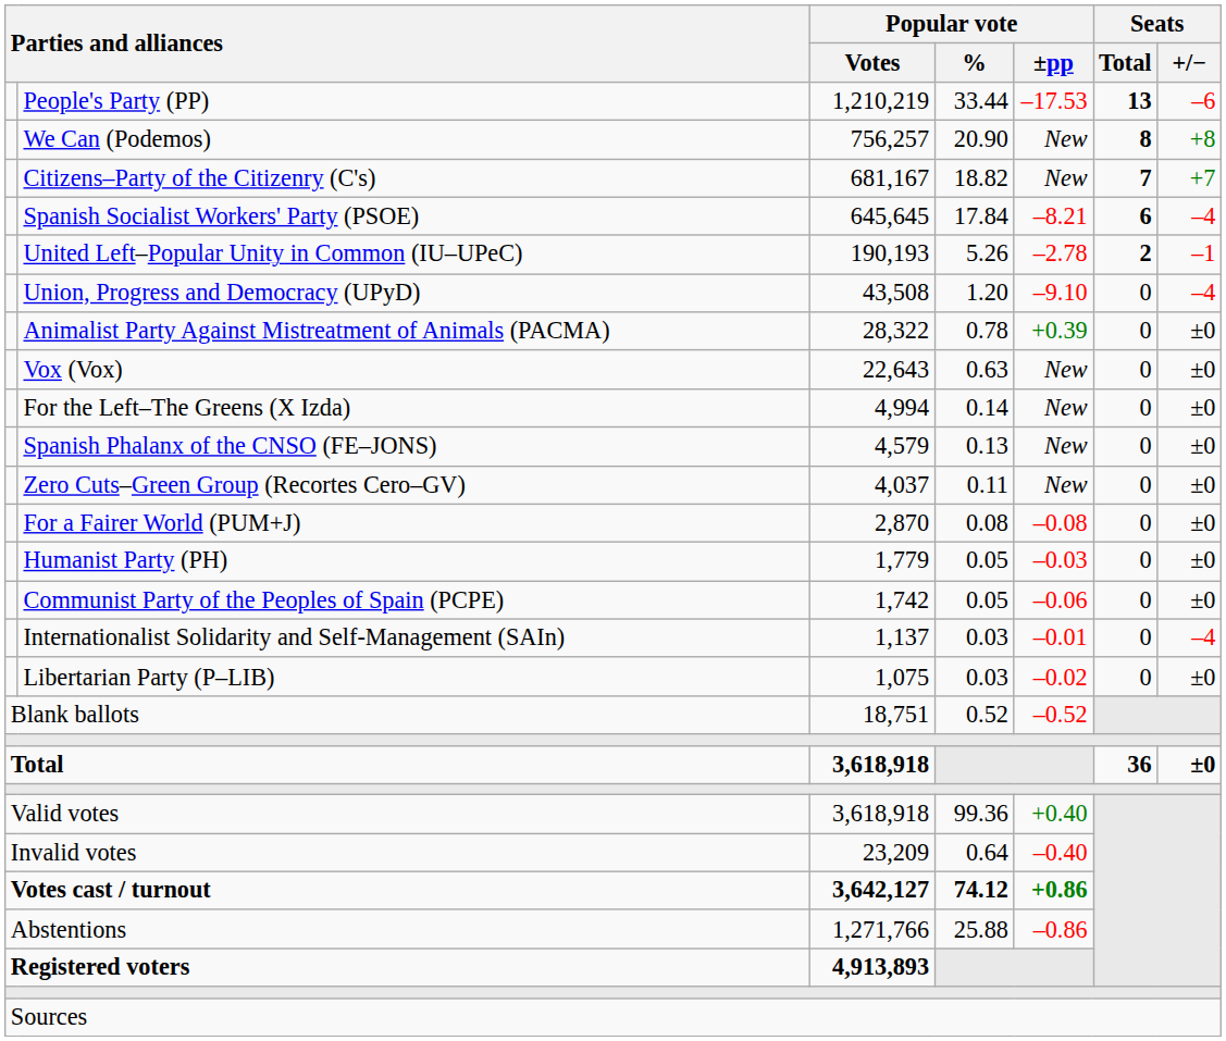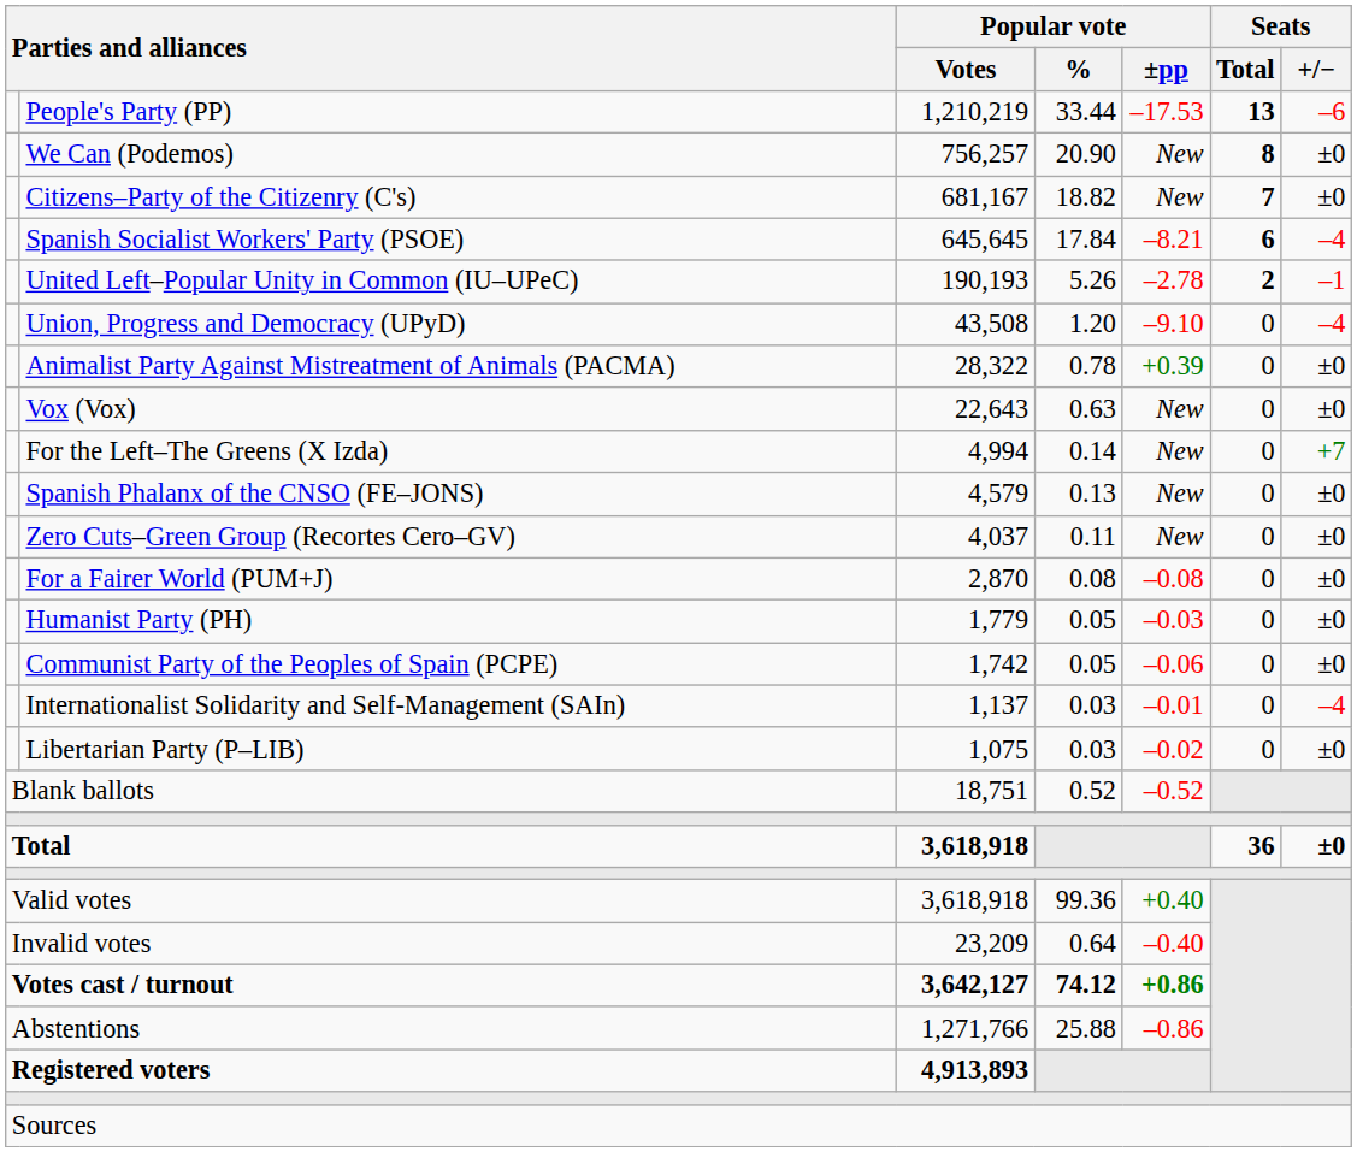 <table class="wikitable" style="text-align:right;">
 <tr>
 <th style="text-align:left;" rowspan="2" colspan="2" width="525">Parties and alliances</th>
 <th colspan="3">Popular vote</th>
 <th colspan="2">Seats</th>
 </tr>
 <tr>
 <th width="75">Votes</th>
 <th width="45">%</th>
 <th width="45">±<a href='#'>pp</a></th>
 <th width="35">Total</th>
 <th width="35">+/−</th>
 </tr>
 <tr>
 <td width="1" style="color:inherit;background:"></td>
 <td align="left"><a href='#'>People's Party</a> (PP)</td>
 <td>1,210,219</td>
 <td>33.44</td>
 <td style="color:red;">–17.53</td>
 <td><strong>13</strong></td>
 <td style="color:red;">–6</td>
 </tr>
 <tr>
 <td style="color:inherit;background:"></td>
 <td align="left"><a href='#'>We Can</a> (Podemos)</td>
 <td>756,257</td>
 <td>20.90</td>
 <td><em>New</em></td>
 <td><strong>8</strong></td>
-<td style="color:green;">+8</td>
+<td>±0</td>
 </tr>
 <tr>
 <td style="color:inherit;background:"></td>
 <td align="left"><a href='#'>Citizens–Party of the Citizenry</a> (C's)</td>
 <td>681,167</td>
 <td>18.82</td>
 <td><em>New</em></td>
 <td><strong>7</strong></td>
-<td style="color:green;">+7</td>
+<td>±0</td>
 </tr>
 <tr>
 <td style="color:inherit;background:"></td>
 <td align="left"><a href='#'>Spanish Socialist Workers' Party</a> (PSOE)</td>
 <td>645,645</td>
 <td>17.84</td>
 <td style="color:red;">–8.21</td>
 <td><strong>6</strong></td>
 <td style="color:red;">–4</td>
 </tr>
 <tr>
 <td style="color:inherit;background:"></td>
 <td align="left"><a href='#'>United Left</a>–<a href='#'>Popular Unity in Common</a> (IU–UPeC)</td>
 <td>190,193</td>
 <td>5.26</td>
 <td style="color:red;">–2.78</td>
 <td><strong>2</strong></td>
 <td style="color:red;">–1</td>
 </tr>
 <tr>
 <td style="color:inherit;background:"></td>
 <td align="left"><a href='#'>Union, Progress and Democracy</a> (UPyD)</td>
 <td>43,508</td>
 <td>1.20</td>
 <td style="color:red;">–9.10</td>
 <td>0</td>
 <td style="color:red;">–4</td>
 </tr>
 <tr>
 <td style="color:inherit;background:"></td>
 <td align="left"><a href='#'>Animalist Party Against Mistreatment of Animals</a> (PACMA)</td>
 <td>28,322</td>
 <td>0.78</td>
 <td style="color:green;">+0.39</td>
 <td>0</td>
 <td>±0</td>
 </tr>
 <tr>
 <td style="color:inherit;background:"></td>
 <td align="left"><a href='#'>Vox</a> (Vox)</td>
 <td>22,643</td>
 <td>0.63</td>
 <td><em>New</em></td>
 <td>0</td>
 <td>±0</td>
 </tr>
 <tr>
 <td style="color:inherit;background:"></td>
 <td align="left">For the Left–The Greens (X Izda)</td>
 <td>4,994</td>
 <td>0.14</td>
 <td><em>New</em></td>
 <td>0</td>
-<td>±0</td>
+<td style="color:green;">+7</td>
 </tr>
 <tr>
 <td style="color:inherit;background:"></td>
 <td align="left"><a href='#'>Spanish Phalanx of the CNSO</a> (FE–JONS)</td>
 <td>4,579</td>
 <td>0.13</td>
 <td><em>New</em></td>
 <td>0</td>
 <td>±0</td>
 </tr>
 <tr>
 <td style="color:inherit;background:"></td>
 <td align="left"><a href='#'>Zero Cuts</a>–<a href='#'>Green Group</a> (Recortes Cero–GV)</td>
 <td>4,037</td>
 <td>0.11</td>
 <td><em>New</em></td>
 <td>0</td>
 <td>±0</td>
 </tr>
 <tr>
 <td style="color:inherit;background:"></td>
 <td align="left"><a href='#'>For a Fairer World</a> (PUM+J)</td>
 <td>2,870</td>
 <td>0.08</td>
 <td style="color:red;">–0.08</td>
 <td>0</td>
 <td>±0</td>
 </tr>
 <tr>
 <td style="color:inherit;background:"></td>
 <td align="left"><a href='#'>Humanist Party</a> (PH)</td>
 <td>1,779</td>
 <td>0.05</td>
 <td style="color:red;">–0.03</td>
 <td>0</td>
 <td>±0</td>
 </tr>
 <tr>
 <td style="color:inherit;background:"></td>
 <td align="left"><a href='#'>Communist Party of the Peoples of Spain</a> (PCPE)</td>
 <td>1,742</td>
 <td>0.05</td>
 <td style="color:red;">–0.06</td>
 <td>0</td>
 <td>±0</td>
 </tr>
 <tr>
 <td style="color:inherit;background:"></td>
 <td align="left">Internationalist Solidarity and Self-Management (SAIn)</td>
 <td>1,137</td>
 <td>0.03</td>
 <td style="color:red;">–0.01</td>
 <td>0</td>
 <td style="color:red;">–4</td>
 </tr>
 <tr>
 <td style="color:inherit;background:"></td>
 <td align="left">Libertarian Party (P–LIB)</td>
 <td>1,075</td>
 <td>0.03</td>
 <td style="color:red;">–0.02</td>
 <td>0</td>
 <td>±0</td>
 </tr>
 <tr>
 <td align="left" colspan="2">Blank ballots</td>
 <td>18,751</td>
 <td>0.52</td>
 <td style="color:red;">–0.52</td>
 <td bgcolor="#E9E9E9" colspan="2"></td>
 </tr>
 <tr>
 <td colspan="7" bgcolor="#E9E9E9"></td>
 </tr>
 <tr style="font-weight:bold;">
 <td align="left" colspan="2">Total</td>
 <td>3,618,918</td>
 <td bgcolor="#E9E9E9" colspan="2"></td>
 <td>36</td>
 <td>±0</td>
 </tr>
 <tr>
 <td colspan="7" bgcolor="#E9E9E9"></td>
 </tr>
 <tr>
 <td align="left" colspan="2">Valid votes</td>
 <td>3,618,918</td>
 <td>99.36</td>
 <td style="color:green;">+0.40</td>
 <td bgcolor="#E9E9E9" colspan="2" rowspan="5"></td>
 </tr>
 <tr>
 <td align="left" colspan="2">Invalid votes</td>
 <td>23,209</td>
 <td>0.64</td>
 <td style="color:red;">–0.40</td>
 </tr>
 <tr style="font-weight:bold;">
 <td align="left" colspan="2">Votes cast / turnout</td>
 <td>3,642,127</td>
 <td>74.12</td>
 <td style="color:green;">+0.86</td>
 </tr>
 <tr>
 <td align="left" colspan="2">Abstentions</td>
 <td>1,271,766</td>
 <td>25.88</td>
 <td style="color:red;">–0.86</td>
 </tr>
 <tr style="font-weight:bold;">
 <td align="left" colspan="2">Registered voters</td>
 <td>4,913,893</td>
 <td bgcolor="#E9E9E9" colspan="2"></td>
 </tr>
 <tr>
 <td colspan="7" bgcolor="#E9E9E9"></td>
 </tr>
 <tr>
 <td align="left" colspan="7">Sources</td>
 </tr>
 </table>
